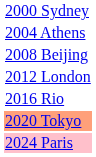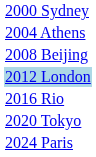 <table>
 <tr>
 <td><a href='#'>2000 Sydney</a><br></td>
 <td></td>
 <td></td>
 <td></td>
 </tr>
 <tr>
 <td><a href='#'>2004 Athens</a><br></td>
 <td></td>
 <td></td>
 <td></td>
 </tr>
 <tr>
 <td><a href='#'>2008 Beijing</a><br></td>
 <td></td>
 <td></td>
 <td></td>
 </tr>
 <tr>
-<td><a href='#'>2012 London</a><br></td>
+<td style="background: lightblue;"><a href='#'>2012 London</a><br></td>
 <td></td>
 <td></td>
 <td></td>
 </tr>
 <tr>
 <td><a href='#'>2016 Rio</a><br></td>
 <td></td>
 <td></td>
 <td></td>
 </tr>
 <tr>
-<td style="background: lightsalmon;"><a href='#'>2020 Tokyo</a><br></td>
+<td><a href='#'>2020 Tokyo</a><br></td>
 <td></td>
 <td></td>
 <td></td>
 </tr>
 <tr>
-<td style="background: pink;"><a href='#'>2024 Paris</a><br></td>
+<td><a href='#'>2024 Paris</a><br></td>
 <td></td>
 <td></td>
 <td></td>
 </tr>
 <tr>
 </tr>
 </table>
